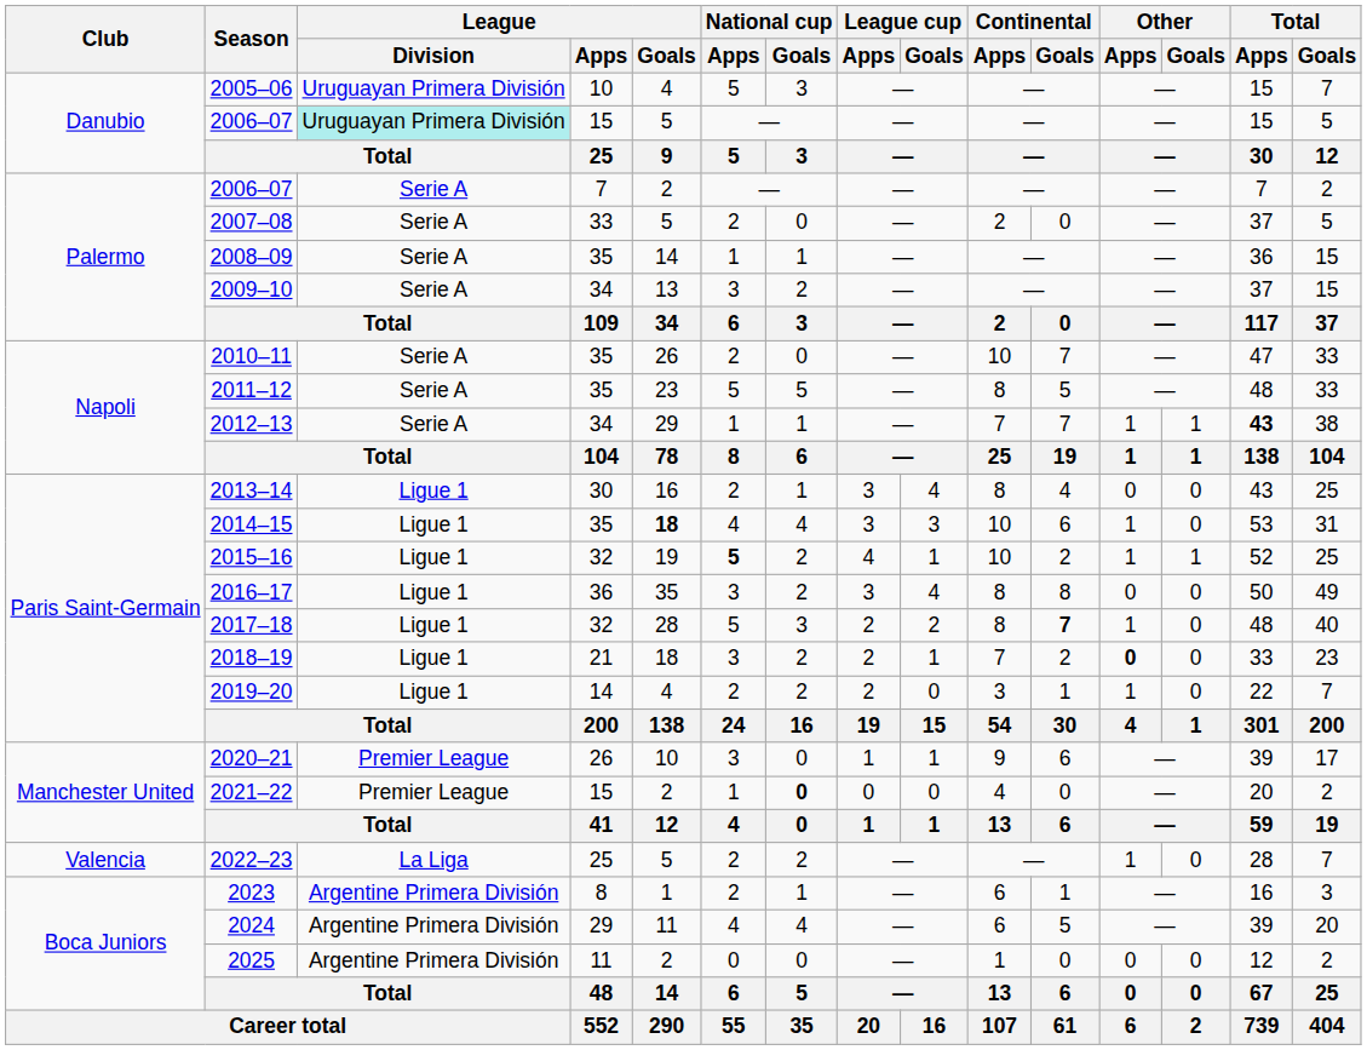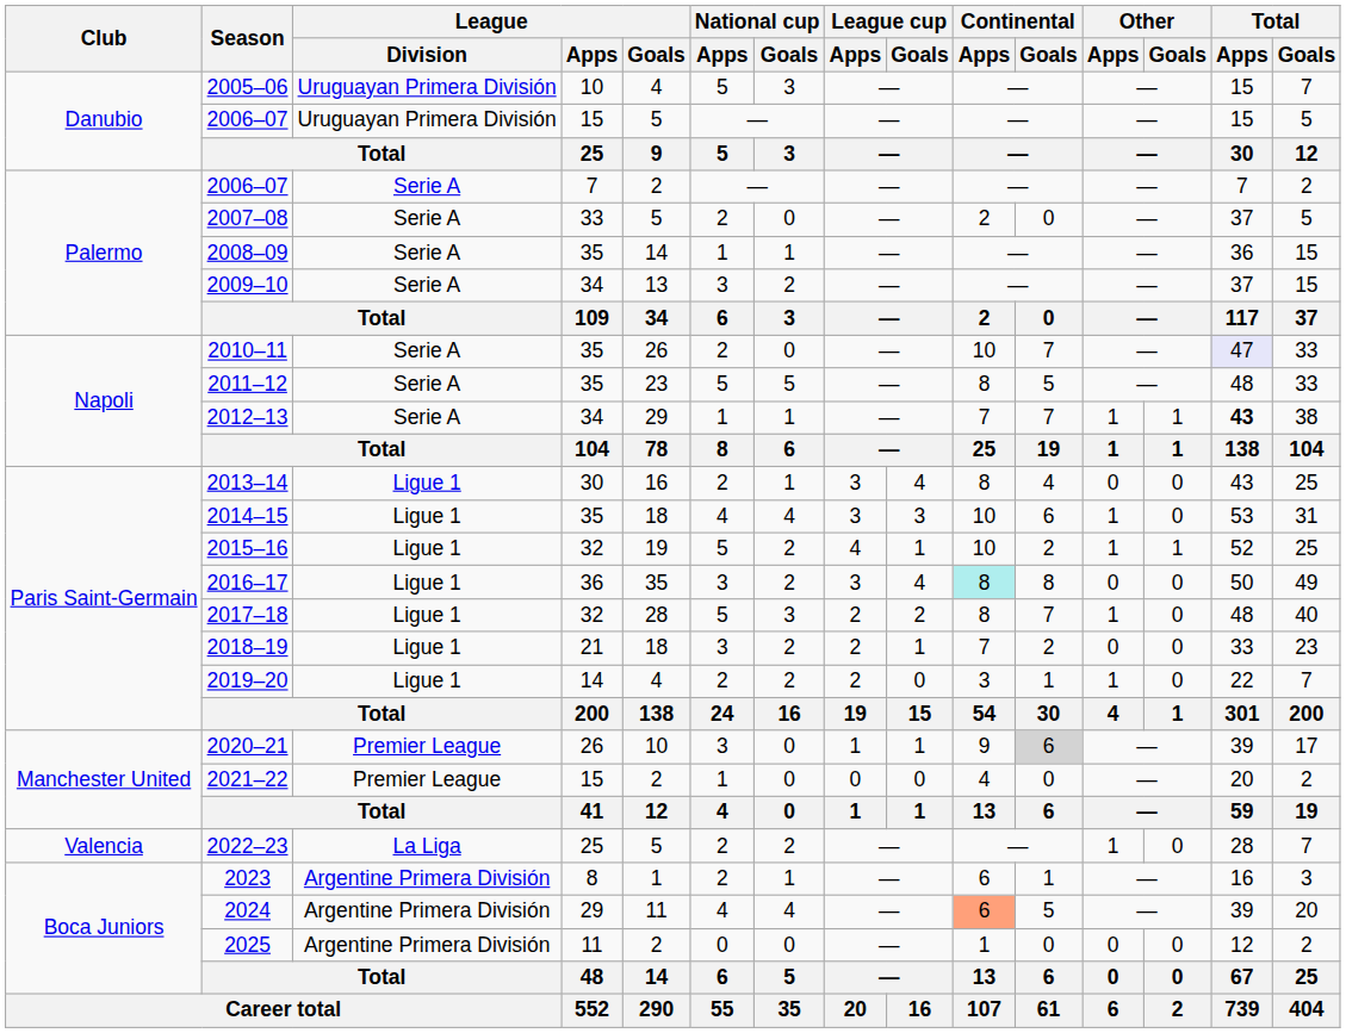 <table class="wikitable" style="text-align:center">
 <tr>
 <th rowspan="2">Club</th>
 <th rowspan="2">Season</th>
 <th colspan="3">League</th>
 <th colspan="2">National cup</th>
 <th colspan="2">League cup</th>
 <th colspan="2">Continental</th>
 <th colspan="2">Other</th>
 <th colspan="2">Total</th>
 </tr>
 <tr>
 <th>Division</th>
 <th>Apps</th>
 <th>Goals</th>
 <th>Apps</th>
 <th>Goals</th>
 <th>Apps</th>
 <th>Goals</th>
 <th>Apps</th>
 <th>Goals</th>
 <th>Apps</th>
 <th>Goals</th>
 <th>Apps</th>
 <th>Goals</th>
 </tr>
 <tr>
 <td rowspan="3"><a href='#'>Danubio</a></td>
 <td><a href='#'>2005–06</a></td>
 <td><a href='#'>Uruguayan Primera División</a></td>
 <td>10</td>
 <td>4</td>
 <td>5</td>
 <td>3</td>
 <td colspan="2">—</td>
 <td colspan="2">—</td>
 <td colspan="2">—</td>
 <td>15</td>
 <td>7</td>
 </tr>
 <tr>
 <td><a href='#'>2006–07</a></td>
-<td style="background: paleturquoise;">Uruguayan Primera División</td>
+<td>Uruguayan Primera División</td>
 <td>15</td>
 <td>5</td>
 <td colspan="2">—</td>
 <td colspan="2">—</td>
 <td colspan="2">—</td>
 <td colspan="2">—</td>
 <td>15</td>
 <td>5</td>
 </tr>
 <tr>
 <th colspan="2">Total</th>
 <th>25</th>
 <th>9</th>
 <th>5</th>
 <th>3</th>
 <th colspan="2">—</th>
 <th colspan="2">—</th>
 <th colspan="2">—</th>
 <th>30</th>
 <th>12</th>
 </tr>
 <tr>
 <td rowspan="5"><a href='#'>Palermo</a></td>
 <td><a href='#'>2006–07</a></td>
 <td><a href='#'>Serie A</a></td>
 <td>7</td>
 <td>2</td>
 <td colspan="2">—</td>
 <td colspan="2">—</td>
 <td colspan="2">—</td>
 <td colspan="2">—</td>
 <td>7</td>
 <td>2</td>
 </tr>
 <tr>
 <td><a href='#'>2007–08</a></td>
 <td>Serie A</td>
 <td>33</td>
 <td>5</td>
 <td>2</td>
 <td>0</td>
 <td colspan="2">—</td>
 <td>2</td>
 <td>0</td>
 <td colspan="2">—</td>
 <td>37</td>
 <td>5</td>
 </tr>
 <tr>
 <td><a href='#'>2008–09</a></td>
 <td>Serie A</td>
 <td>35</td>
 <td>14</td>
 <td>1</td>
 <td>1</td>
 <td colspan="2">—</td>
 <td colspan="2">—</td>
 <td colspan="2">—</td>
 <td>36</td>
 <td>15</td>
 </tr>
 <tr>
 <td><a href='#'>2009–10</a></td>
 <td>Serie A</td>
 <td>34</td>
 <td>13</td>
 <td>3</td>
 <td>2</td>
 <td colspan="2">—</td>
 <td colspan="2">—</td>
 <td colspan="2">—</td>
 <td>37</td>
 <td>15</td>
 </tr>
 <tr>
 <th colspan="2">Total</th>
 <th>109</th>
 <th>34</th>
 <th>6</th>
 <th>3</th>
 <th colspan="2">—</th>
 <th>2</th>
 <th>0</th>
 <th colspan="2">—</th>
 <th>117</th>
 <th>37</th>
 </tr>
 <tr>
 <td rowspan="4"><a href='#'>Napoli</a></td>
 <td><a href='#'>2010–11</a></td>
 <td>Serie A</td>
 <td>35</td>
 <td>26</td>
 <td>2</td>
 <td>0</td>
 <td colspan="2">—</td>
 <td>10</td>
 <td>7</td>
 <td colspan="2">—</td>
-<td>47</td>
+<td style="background: lavender;">47</td>
 <td>33</td>
 </tr>
 <tr>
 <td><a href='#'>2011–12</a></td>
 <td>Serie A</td>
 <td>35</td>
 <td>23</td>
 <td>5</td>
 <td>5</td>
 <td colspan="2">—</td>
 <td>8</td>
 <td>5</td>
 <td colspan="2">—</td>
 <td>48</td>
 <td>33</td>
 </tr>
 <tr>
 <td><a href='#'>2012–13</a></td>
 <td>Serie A</td>
 <td>34</td>
 <td>29</td>
 <td>1</td>
 <td>1</td>
 <td colspan="2">—</td>
 <td>7</td>
 <td>7</td>
 <td>1</td>
 <td>1</td>
 <td><strong>43</strong></td>
 <td>38</td>
 </tr>
 <tr>
 <th colspan="2">Total</th>
 <th>104</th>
 <th>78</th>
 <th>8</th>
 <th>6</th>
 <th colspan="2">—</th>
 <th>25</th>
 <th>19</th>
 <th>1</th>
 <th>1</th>
 <th>138</th>
 <th>104</th>
 </tr>
 <tr>
 <td rowspan="8"><a href='#'>Paris Saint-Germain</a></td>
 <td><a href='#'>2013–14</a></td>
 <td><a href='#'>Ligue 1</a></td>
 <td>30</td>
 <td>16</td>
 <td>2</td>
 <td>1</td>
 <td>3</td>
 <td>4</td>
 <td>8</td>
 <td>4</td>
 <td>0</td>
 <td>0</td>
 <td>43</td>
 <td>25</td>
 </tr>
 <tr>
 <td><a href='#'>2014–15</a></td>
 <td>Ligue 1</td>
 <td>35</td>
-<td><strong>18</strong></td>
+<td>18</td>
 <td>4</td>
 <td>4</td>
 <td>3</td>
 <td>3</td>
 <td>10</td>
 <td>6</td>
 <td>1</td>
 <td>0</td>
 <td>53</td>
 <td>31</td>
 </tr>
 <tr>
 <td><a href='#'>2015–16</a></td>
 <td>Ligue 1</td>
 <td>32</td>
 <td>19</td>
-<td><strong>5</strong></td>
+<td>5</td>
 <td>2</td>
 <td>4</td>
 <td>1</td>
 <td>10</td>
 <td>2</td>
 <td>1</td>
 <td>1</td>
 <td>52</td>
 <td>25</td>
 </tr>
 <tr>
 <td><a href='#'>2016–17</a></td>
 <td>Ligue 1</td>
 <td>36</td>
 <td>35</td>
 <td>3</td>
 <td>2</td>
 <td>3</td>
 <td>4</td>
-<td>8</td>
+<td style="background: paleturquoise;">8</td>
 <td>8</td>
 <td>0</td>
 <td>0</td>
 <td>50</td>
 <td>49</td>
 </tr>
 <tr>
 <td><a href='#'>2017–18</a></td>
 <td>Ligue 1</td>
 <td>32</td>
 <td>28</td>
 <td>5</td>
 <td>3</td>
 <td>2</td>
 <td>2</td>
 <td>8</td>
-<td><strong>7</strong></td>
+<td>7</td>
 <td>1</td>
 <td>0</td>
 <td>48</td>
 <td>40</td>
 </tr>
 <tr>
 <td><a href='#'>2018–19</a></td>
 <td>Ligue 1</td>
 <td>21</td>
 <td>18</td>
 <td>3</td>
 <td>2</td>
 <td>2</td>
 <td>1</td>
 <td>7</td>
 <td>2</td>
-<td><strong>0</strong></td>
+<td>0</td>
 <td>0</td>
 <td>33</td>
 <td>23</td>
 </tr>
 <tr>
 <td><a href='#'>2019–20</a></td>
 <td>Ligue 1</td>
 <td>14</td>
 <td>4</td>
 <td>2</td>
 <td>2</td>
 <td>2</td>
 <td>0</td>
 <td>3</td>
 <td>1</td>
 <td>1</td>
 <td>0</td>
 <td>22</td>
 <td>7</td>
 </tr>
 <tr>
 <th colspan="2">Total</th>
 <th>200</th>
 <th>138</th>
 <th>24</th>
 <th>16</th>
 <th>19</th>
 <th>15</th>
 <th>54</th>
 <th>30</th>
 <th>4</th>
 <th>1</th>
 <th>301</th>
 <th>200</th>
 </tr>
 <tr>
 <td rowspan="3"><a href='#'>Manchester United</a></td>
 <td><a href='#'>2020–21</a></td>
 <td><a href='#'>Premier League</a></td>
 <td>26</td>
 <td>10</td>
 <td>3</td>
 <td>0</td>
 <td>1</td>
 <td>1</td>
 <td>9</td>
-<td>6</td>
+<td style="background: lightgrey;">6</td>
 <td colspan="2">—</td>
 <td>39</td>
 <td>17</td>
 </tr>
 <tr>
 <td><a href='#'>2021–22</a></td>
 <td>Premier League</td>
 <td>15</td>
 <td>2</td>
 <td>1</td>
-<td><strong>0</strong></td>
+<td>0</td>
 <td>0</td>
 <td>0</td>
 <td>4</td>
 <td>0</td>
 <td colspan="2">—</td>
 <td>20</td>
 <td>2</td>
 </tr>
 <tr>
 <th colspan="2">Total</th>
 <th>41</th>
 <th>12</th>
 <th>4</th>
 <th>0</th>
 <th>1</th>
 <th>1</th>
 <th>13</th>
 <th>6</th>
 <th colspan="2">—</th>
 <th>59</th>
 <th>19</th>
 </tr>
 <tr>
 <td><a href='#'>Valencia</a></td>
 <td><a href='#'>2022–23</a></td>
 <td><a href='#'>La Liga</a></td>
 <td>25</td>
 <td>5</td>
 <td>2</td>
 <td>2</td>
 <td colspan="2">—</td>
 <td colspan="2">—</td>
 <td>1</td>
 <td>0</td>
 <td>28</td>
 <td>7</td>
 </tr>
 <tr>
 <td rowspan="4"><a href='#'>Boca Juniors</a></td>
 <td><a href='#'>2023</a></td>
 <td><a href='#'>Argentine Primera División</a></td>
 <td>8</td>
 <td>1</td>
 <td>2</td>
 <td>1</td>
 <td colspan="2">—</td>
 <td>6</td>
 <td>1</td>
 <td colspan="2">—</td>
 <td>16</td>
 <td>3</td>
 </tr>
 <tr>
 <td><a href='#'>2024</a></td>
 <td>Argentine Primera División</td>
 <td>29</td>
 <td>11</td>
 <td>4</td>
 <td>4</td>
 <td colspan="2">—</td>
-<td>6</td>
+<td style="background: lightsalmon;">6</td>
 <td>5</td>
 <td colspan="2">—</td>
 <td>39</td>
 <td>20</td>
 </tr>
 <tr>
 <td><a href='#'>2025</a></td>
 <td>Argentine Primera División</td>
 <td>11</td>
 <td>2</td>
 <td>0</td>
 <td>0</td>
 <td colspan="2">—</td>
 <td>1</td>
 <td>0</td>
 <td>0</td>
 <td>0</td>
 <td>12</td>
 <td>2</td>
 </tr>
 <tr>
 <th colspan="2">Total</th>
 <th>48</th>
 <th>14</th>
 <th>6</th>
 <th>5</th>
 <th colspan="2">—</th>
 <th>13</th>
 <th>6</th>
 <th>0</th>
 <th>0</th>
 <th>67</th>
 <th>25</th>
 </tr>
 <tr>
 <th colspan="3">Career total</th>
 <th>552</th>
 <th>290</th>
 <th>55</th>
 <th>35</th>
 <th>20</th>
 <th>16</th>
 <th>107</th>
 <th>61</th>
 <th>6</th>
 <th>2</th>
 <th>739</th>
 <th>404</th>
 </tr>
 </table>
